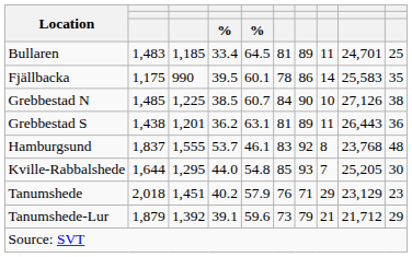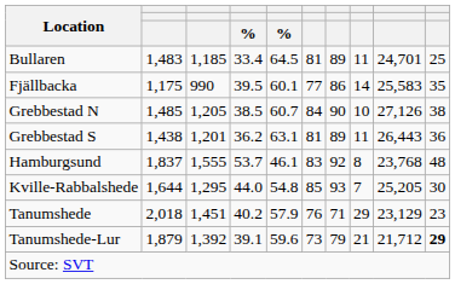 <table role="presentation" class="wikitable sortable mw-collapsible">
 <tr>
 <th rowspan="3">Location</th>
 <th></th>
 <th></th>
 <th></th>
 <th></th>
 <th></th>
 <th></th>
 <th></th>
 <th></th>
 <th></th>
 </tr>
 <tr>
 <th></th>
 <th></th>
 <th style="background:"></th>
 <th style="background:"></th>
 <th></th>
 <th></th>
 <th></th>
 <th></th>
 <th></th>
 </tr>
 <tr>
 <th data-sort-type="number"></th>
 <th data-sort-type="number"></th>
 <th data-sort-type="number">%</th>
 <th data-sort-type="number">%</th>
 <th data-sort-type="number"></th>
 <th data-sort-type="number"></th>
 <th data-sort-type="number"></th>
 <th data-sort-type="number"></th>
 <th data-sort-type="number"></th>
 </tr>
 <tr>
 <td align="left">Bullaren</td>
 <td>1,483</td>
 <td>1,185</td>
 <td>33.4</td>
 <td>64.5</td>
 <td>81</td>
 <td>89</td>
 <td>11</td>
 <td>24,701</td>
 <td>25</td>
 </tr>
 <tr>
 <td align="left">Fjällbacka</td>
 <td>1,175</td>
 <td>990</td>
 <td>39.5</td>
 <td>60.1</td>
-<td>78</td>
+<td>77</td>
 <td>86</td>
 <td>14</td>
 <td>25,583</td>
 <td>35</td>
 </tr>
 <tr>
 <td align="left">Grebbestad N</td>
 <td>1,485</td>
-<td>1,225</td>
+<td>1,205</td>
 <td>38.5</td>
 <td>60.7</td>
 <td>84</td>
 <td>90</td>
 <td>10</td>
 <td>27,126</td>
 <td>38</td>
 </tr>
 <tr>
 <td align="left">Grebbestad S</td>
 <td>1,438</td>
 <td>1,201</td>
 <td>36.2</td>
 <td>63.1</td>
 <td>81</td>
 <td>89</td>
 <td>11</td>
 <td>26,443</td>
 <td>36</td>
 </tr>
 <tr>
 <td align="left">Hamburgsund</td>
 <td>1,837</td>
 <td>1,555</td>
 <td>53.7</td>
 <td>46.1</td>
 <td>83</td>
 <td>92</td>
 <td>8</td>
 <td>23,768</td>
 <td>48</td>
 </tr>
 <tr>
 <td align="left">Kville-Rabbalshede</td>
 <td>1,644</td>
 <td>1,295</td>
 <td>44.0</td>
 <td>54.8</td>
 <td>85</td>
 <td>93</td>
 <td>7</td>
 <td>25,205</td>
 <td>30</td>
 </tr>
 <tr>
 <td align="left">Tanumshede</td>
 <td>2,018</td>
 <td>1,451</td>
 <td>40.2</td>
 <td>57.9</td>
 <td>76</td>
 <td>71</td>
 <td>29</td>
 <td>23,129</td>
 <td>23</td>
 </tr>
 <tr>
 <td align="left">Tanumshede-Lur</td>
 <td>1,879</td>
 <td>1,392</td>
 <td>39.1</td>
 <td>59.6</td>
 <td>73</td>
 <td>79</td>
 <td>21</td>
 <td>21,712</td>
-<td>29</td>
+<td><strong>29</strong></td>
 </tr>
 <tr>
 <td colspan="10" align="left">Source: <a href='#'>SVT</a></td>
 </tr>
 </table>
